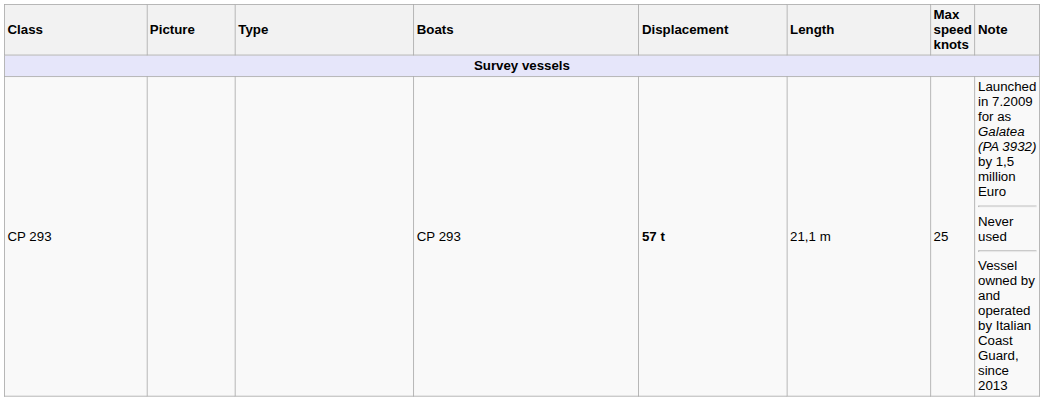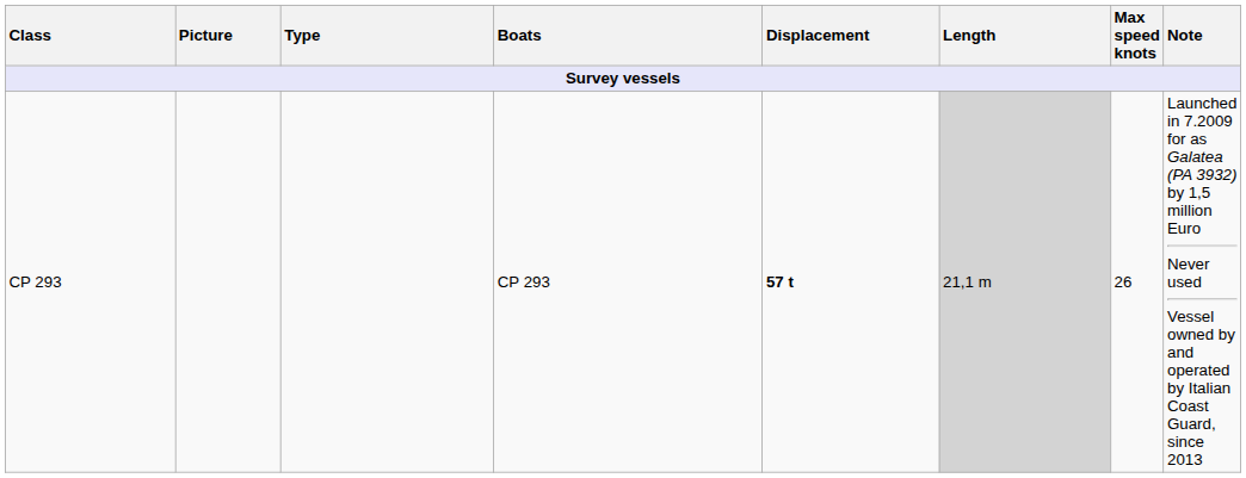 <table class="wikitable">
 <tr>
 <th style="text-align:left; width:15%;">Class</th>
 <th style="text-align:left; width:9%;">Picture</th>
 <th style="text-align:left; width:19%;">Type</th>
 <th style="text-align:left; width:24%;">Boats</th>
 <th style="text-align:left; width:15%;">Displacement</th>
 <th style="text-align:left; width:15%;">Length</th>
 <th style="text-align:left; width:15%;">Max<br>speed<br>knots</th>
 <th style="text-align:left; width:20%;">Note</th>
 </tr>
 <tr>
 <th colspan="8" style="background: lavender;">Survey vessels</th>
 </tr>
 <tr>
 <td>CP 293</td>
 <td></td>
 <td></td>
 <td>CP 293 </td>
 <td><strong>57 t</strong></td>
-<td>21,1 m</td>
-<td>25</td>
+<td style="background: lightgrey;">21,1 m</td>
+<td>26</td>
 <td>Launched in 7.2009 for  as <em>Galatea (PA 3932)</em> by 1,5 million Euro<hr>Never used<hr>Vessel owned by   and operated by Italian Coast Guard, since 2013</td>
 </tr>
 </table>
